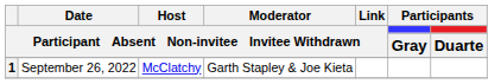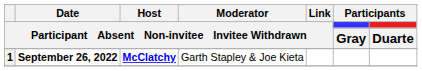 <table class="wikitable" style="text-align:center;">
 <tr style="font-size:small;">
 <th scope="col"></th>
 <th scope="col">Date</th>
 <th scope="col">Host</th>
 <th scope="col">Moderator</th>
 <th scope="col">Link</th>
 <th scope="col" colspan="4">Participants</th>
 </tr>
 <tr>
 <th colspan="5" rowspan="2"> <small>Participant  </small> <small>Absent  </small> <small>Non-invitee  </small> <small>Invitee Withdrawn</small></th>
 <th scope="col" style="background:#3333FF;"></th>
 <th scope="col" style="background:#E81B23;"></th>
 </tr>
 <tr>
 <th scope="col">Gray</th>
 <th scope="col">Duarte</th>
 </tr>
 <tr>
 </tr>
 <tr style="background:#FFFFFF;font-size:small;">
 <th scope="row">1</th>
-<td style="white-space:nowrap;">September 26, 2022</td>
-<td style="white-space:nowrap;"><a href='#'>McClatchy</a></td>
+<td style="white-space:nowrap;"><strong>September 26, 2022</strong></td>
+<td style="white-space:nowrap;"><strong><a href='#'>McClatchy</a></strong></td>
 <td style="white-space:nowrap;">Garth Stapley & Joe Kieta</td>
 <td style="white-space:nowrap;"></td>
 <td></td>
 <td></td>
 </tr>
 <tr>
 </tr>
 </table>
